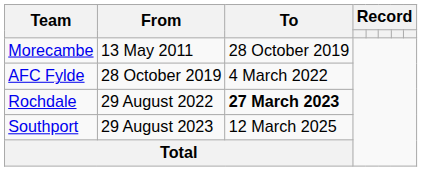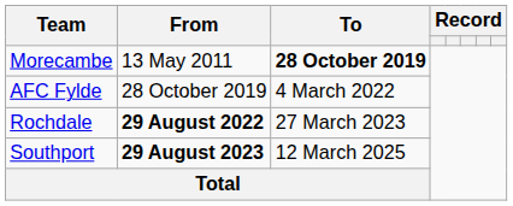 <table class=wikitable style=text-align:center>
 <tr>
 <th rowspan=2>Team</th>
 <th rowspan=2>From</th>
 <th rowspan=2>To</th>
 <th colspan=5>Record</th>
 </tr>
 <tr>
 <th></th>
 <th></th>
 <th></th>
 <th></th>
 <th></th>
 </tr>
 <tr>
 <td align=left><a href='#'>Morecambe</a></td>
 <td align=left>13 May 2011</td>
-<td align=left>28 October 2019<br></td>
+<td align=left><strong>28 October 2019<br></strong></td>
 </tr>
 <tr>
 <td align=left><a href='#'>AFC Fylde</a></td>
 <td align=left>28 October 2019</td>
 <td align=left>4 March 2022<br></td>
 </tr>
 <tr>
 <td align=left><a href='#'>Rochdale</a></td>
-<td align=left>29 August 2022</td>
-<td align=left><strong>27 March 2023<br></strong></td>
+<td align=left><strong>29 August 2022</strong></td>
+<td align=left>27 March 2023<br></td>
 </tr>
 <tr>
 <td align=left><a href='#'>Southport</a></td>
-<td align=left>29 August 2023</td>
+<td align=left><strong>29 August 2023</strong></td>
 <td align=left>12 March 2025<br></td>
 </tr>
 <tr>
 <th colspan=3>Total<br></th>
 </tr>
 </table>
